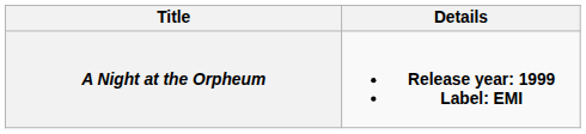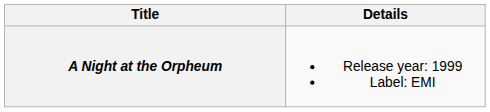 <table class="wikitable plainrowheaders" style=text-align:center;>
 <tr>
 <th scope="col" style="width:20em;">Title</th>
 <th scope="col" style="width:14em;">Details</th>
 </tr>
 <tr>
 <th scope="row"><em>A Night at the Orpheum</em><br></th>
-<td><strong><br><ul><li>Release year: 1999</li><li>Label: EMI</li></ul></strong></td>
+<td><br><ul><li>Release year: 1999</li><li>Label: EMI</li></ul></td>
 </tr>
 </table>
